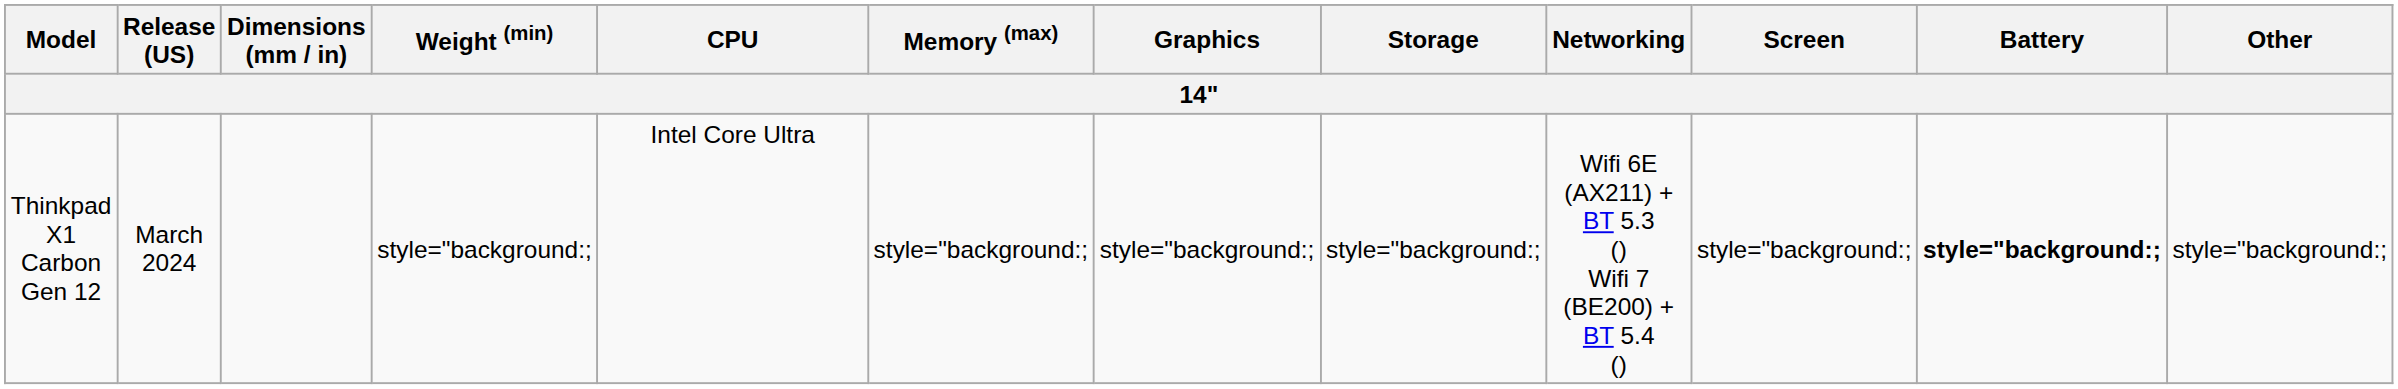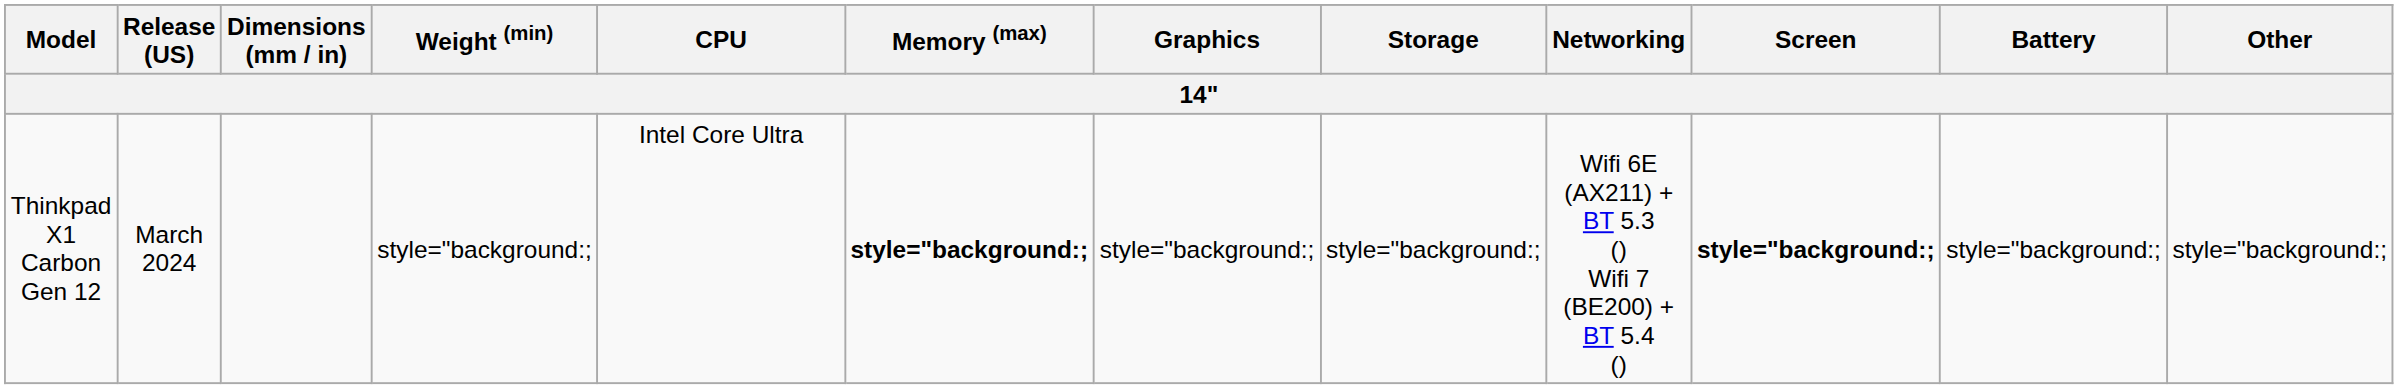 <table class="wikitable" style="font-size: 80%; text-align: center; min-width: 80%;">
 <tr>
 <th>Model</th>
 <th>Release (US)</th>
 <th>Dimensions (mm / in)</th>
 <th>Weight <sup>(min)</sup></th>
 <th style="width:17%">CPU</th>
 <th>Memory <sup>(max)</sup></th>
 <th>Graphics</th>
 <th>Storage</th>
 <th>Networking</th>
 <th>Screen</th>
 <th>Battery</th>
 <th>Other</th>
 </tr>
 <tr>
 <th colspan=12>14"</th>
 </tr>
 <tr>
 <td>Thinkpad X1 Carbon<br>Gen 12 </td>
 <td>March 2024</td>
 <td></td>
 <td>style="background:;</td>
 <td style="background:">Intel Core Ultra <br><br><br><br><br><br><br><br><br></td>
-<td>style="background:;</td>
+<td><strong>style="background:;</strong></td>
 <td>style="background:;</td>
 <td>style="background:;</td>
 <td><br>Wifi 6E (AX211) + <a href='#'>BT</a> 5.3 <br>()<br>Wifi 7 (BE200) + <a href='#'>BT</a> 5.4 <br>()<br></td>
+<td><strong>style="background:;</strong></td>
 <td>style="background:;</td>
-<td><strong>style="background:;</strong></td>
 <td>style="background:;</td>
 </tr>
 </table>
